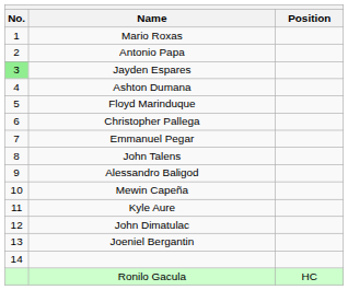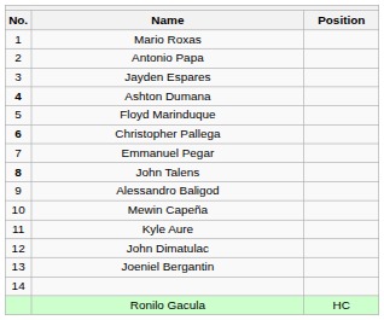 <table class="wikitable mw-collapsible mw-collapsed" style="text-align:center; width:500px; border:none">
 <tr>
 <th style="text-align:center" colspan="3"></th>
 </tr>
 <tr>
 <th style="width:7%">No.</th>
 <th>Name</th>
 <th style="width:20%">Position</th>
 </tr>
 <tr>
 <td>1</td>
 <td>Mario Roxas</td>
 <td></td>
 </tr>
 <tr>
 <td>2</td>
 <td>Antonio Papa</td>
 <td></td>
 </tr>
 <tr>
-<td style="background: lightgreen;">3</td>
+<td>3</td>
 <td>Jayden Espares</td>
 <td></td>
 </tr>
 <tr>
-<td>4</td>
+<td><strong>4</strong></td>
 <td>Ashton Dumana</td>
 <td></td>
 </tr>
 <tr>
 <td>5</td>
 <td>Floyd Marinduque</td>
 <td></td>
 </tr>
 <tr>
-<td>6</td>
+<td><strong>6</strong></td>
 <td>Christopher Pallega</td>
 <td></td>
 </tr>
 <tr>
 <td>7</td>
 <td>Emmanuel Pegar</td>
 <td></td>
 </tr>
 <tr>
-<td>8</td>
+<td><strong>8</strong></td>
 <td>John Talens</td>
 <td></td>
 </tr>
 <tr>
 <td>9</td>
 <td>Alessandro Baligod</td>
 <td></td>
 </tr>
 <tr>
 <td>10</td>
 <td>Mewin Capeña</td>
 <td></td>
 </tr>
 <tr>
 <td>11</td>
 <td>Kyle Aure</td>
 <td></td>
 </tr>
 <tr>
 <td>12</td>
 <td>John Dimatulac</td>
 <td></td>
 </tr>
 <tr>
 <td>13</td>
 <td>Joeniel Bergantin</td>
 <td></td>
 </tr>
 <tr>
 <td>14</td>
 <td></td>
 <td></td>
 </tr>
 <tr bgcolor=#CCFFCC>
 <td></td>
 <td>Ronilo Gacula</td>
 <td>HC</td>
 </tr>
 </table>
